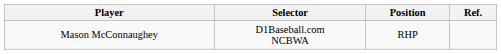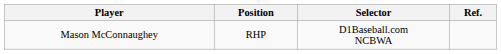 <table class="wikitable" style="width: 60%;text-align: center;">
 <tr>
 <th>Player</th>
+<th>Position</th>
 <th>Selector</th>
-<th>Position</th>
 <th>Ref.</th>
 </tr>
 <tr align="center">
 <td rowspan="1">Mason McConnaughey</td>
+<td>RHP</td>
 <td>D1Baseball.com<br>NCBWA</td>
-<td>RHP</td>
 <td></td>
 </tr>
 </table>
